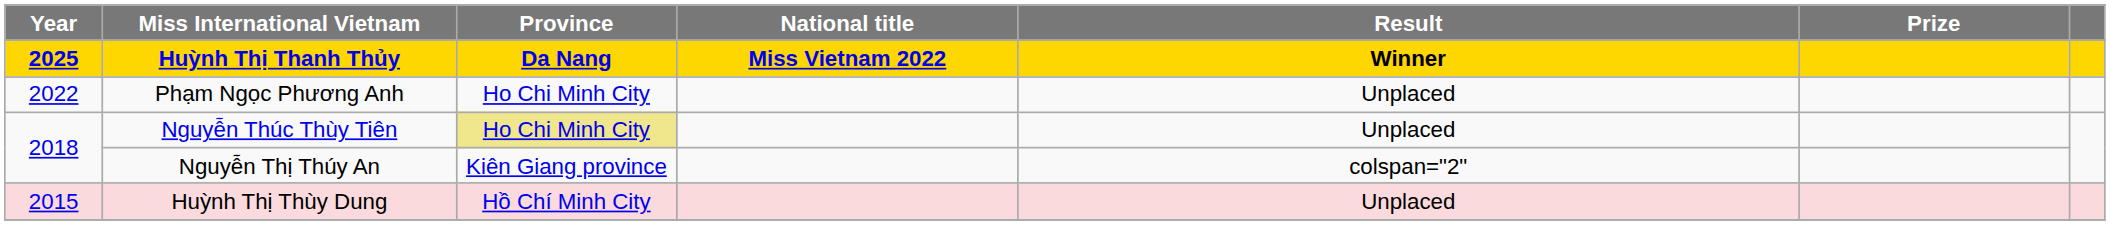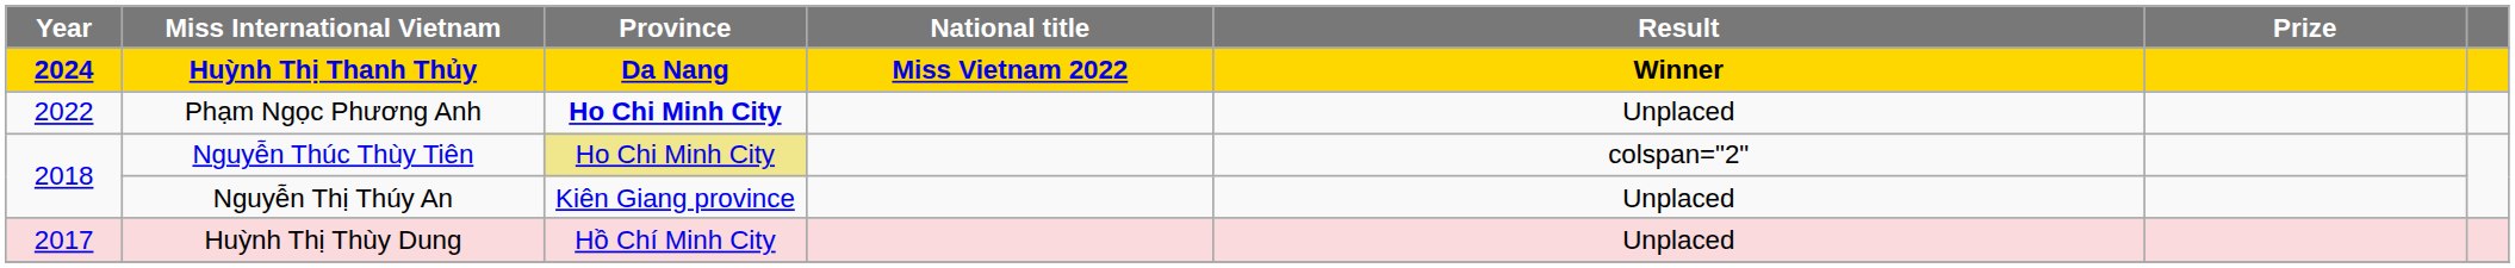 <table class="wikitable sortable" style="font-size: 83%; text-align:center">
 <tr bgcolor="#787878" colspan=10 align="center">
 <th width="60" style="background-color:#787878;color:#FFFFFF;"><span><strong>Year</strong></span></th>
 <th width="250" style="background-color:#787878;color:#FFFFFF;"><span><strong>Miss International Vietnam</strong></span></th>
 <th width="150" style="background-color:#787878;color:#FFFFFF;"><span><strong>Province</strong></span></th>
 <th width="250" style="background-color:#787878;color:#FFFFFF;"><span><strong>National title</strong></span></th>
 <th width="600" style="background-color:#787878;color:#FFFFFF;"><span><strong>Result</strong></span></th>
 <th width="200" style="background-color:#787878;color:#FFFFFF;"><span><strong>Prize</strong></span></th>
 <th width="20" style="background-color:#787878;color:#FFFFFF;"><span><strong></strong></span></th>
 </tr>
 <tr>
 </tr>
 <tr style="background-color:gold; font-weight: bold">
-<td> <a href='#'>2025</a></td>
+<td> <a href='#'>2024</a></td>
 <td><a href='#'>Huỳnh Thị Thanh Thủy</a></td>
 <td><a href='#'>Da Nang</a></td>
 <td><a href='#'>Miss Vietnam 2022</a></td>
 <td>Winner</td>
 <td></td>
 <td></td>
 </tr>
 <tr>
 <td> <a href='#'>2022</a></td>
 <td>Phạm Ngọc Phương Anh</td>
-<td><a href='#'>Ho Chi Minh City</a></td>
+<td><strong><a href='#'>Ho Chi Minh City</a></strong></td>
 <td></td>
 <td>Unplaced</td>
 <td></td>
 <td></td>
 </tr>
 <tr>
 <td rowspan="2"> <a href='#'>2018</a></td>
 <td><a href='#'>Nguyễn Thúc Thùy Tiên</a></td>
 <td style="background: khaki;"><a href='#'>Ho Chi Minh City</a></td>
 <td></td>
-<td>Unplaced</td>
+<td>colspan="2" </td>
 <td></td>
 <td rowspan="2"></td>
 </tr>
 <tr>
 <td>Nguyễn Thị Thúy An</td>
 <td><a href='#'>Kiên Giang province</a></td>
 <td></td>
-<td>colspan="2" </td>
+<td>Unplaced</td>
 </tr>
 <tr style="background-color:#FADADD;">
-<td><a href='#'>2015</a></td>
+<td><a href='#'>2017</a></td>
 <td>Huỳnh Thị Thùy Dung</td>
 <td><a href='#'>Hồ Chí Minh City</a></td>
 <td></td>
 <td>Unplaced</td>
 <td style="background:;"></td>
 <td></td>
 </tr>
 <tr>
 </tr>
 </table>
